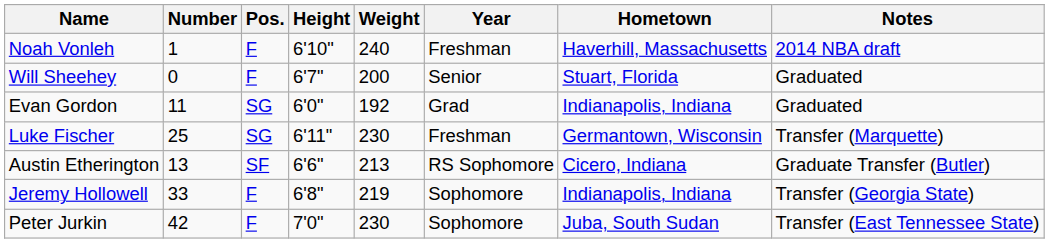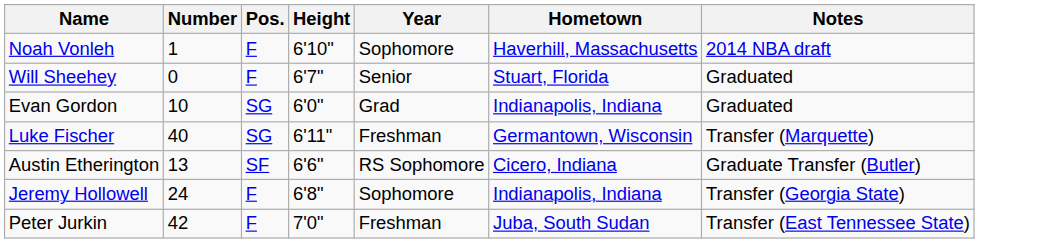 <table class="wikitable sortable" border="1">
 <tr align=center>
 <th>Name</th>
 <th>Number</th>
 <th>Pos.</th>
 <th>Height</th>
-<th>Weight</th>
 <th>Year</th>
 <th>Hometown</th>
 <th>Notes</th>
 </tr>
 <tr>
 <td sortname><a href='#'>Noah Vonleh</a></td>
 <td>1</td>
 <td><a href='#'>F</a></td>
 <td>6'10"</td>
-<td>240</td>
-<td>Freshman</td>
+<td>Sophomore</td>
 <td><a href='#'>Haverhill, Massachusetts</a></td>
 <td><a href='#'>2014 NBA draft</a></td>
 </tr>
 <tr>
 <td sortname><a href='#'>Will Sheehey</a></td>
 <td>0</td>
 <td><a href='#'>F</a></td>
 <td>6'7"</td>
-<td>200</td>
 <td>Senior</td>
 <td><a href='#'>Stuart, Florida</a></td>
 <td>Graduated</td>
 </tr>
 <tr>
 <td sortname>Evan Gordon</td>
-<td>11</td>
+<td>10</td>
 <td><a href='#'>SG</a></td>
 <td>6'0"</td>
-<td>192</td>
 <td>Grad</td>
 <td><a href='#'>Indianapolis, Indiana</a></td>
 <td>Graduated</td>
 </tr>
 <tr>
 <td sortname><a href='#'>Luke Fischer</a></td>
-<td>25</td>
+<td>40</td>
 <td><a href='#'>SG</a></td>
 <td>6'11"</td>
-<td>230</td>
 <td>Freshman</td>
 <td><a href='#'>Germantown, Wisconsin</a></td>
 <td>Transfer (<a href='#'>Marquette</a>)</td>
 </tr>
 <tr>
 <td sortname>Austin Etherington</td>
 <td>13</td>
 <td><a href='#'>SF</a></td>
 <td>6'6"</td>
-<td>213</td>
 <td>RS Sophomore</td>
 <td><a href='#'>Cicero, Indiana</a></td>
 <td>Graduate Transfer (<a href='#'>Butler</a>)</td>
 </tr>
 <tr>
 <td sortname><a href='#'>Jeremy Hollowell</a></td>
-<td>33</td>
+<td>24</td>
 <td><a href='#'>F</a></td>
 <td>6'8"</td>
-<td>219</td>
 <td>Sophomore</td>
 <td><a href='#'>Indianapolis, Indiana</a></td>
 <td>Transfer (<a href='#'>Georgia State</a>)</td>
 </tr>
 <tr>
 <td sortname>Peter Jurkin</td>
 <td>42</td>
 <td><a href='#'>F</a></td>
 <td>7'0"</td>
-<td>230</td>
-<td>Sophomore</td>
+<td>Freshman</td>
 <td><a href='#'>Juba, South Sudan</a></td>
 <td>Transfer (<a href='#'>East Tennessee State</a>)</td>
 </tr>
 </table>
